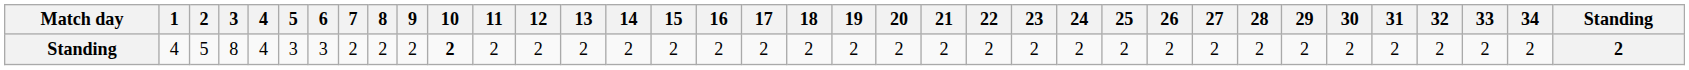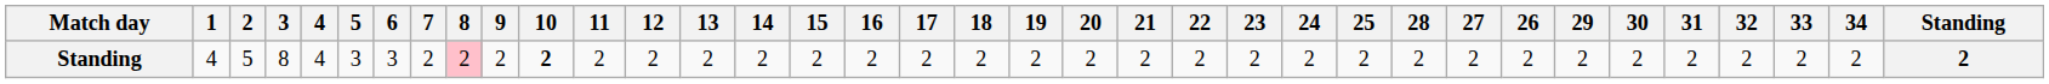 <table class="wikitable" style="width:100%; font-size:85%;">
 <tr valign=top>
 <th align=center>Match day</th>
 <th align=center>1</th>
 <th align=center>2</th>
 <th align=center>3</th>
 <th align=center>4</th>
 <th align=center>5</th>
 <th align=center>6</th>
 <th align=center>7</th>
 <th align=center>8</th>
 <th align=center>9</th>
 <th align=center>10</th>
 <th align=center>11</th>
 <th align=center>12</th>
 <th align=center>13</th>
 <th align=center>14</th>
 <th align=center>15</th>
 <th align=center>16</th>
 <th align=center>17</th>
 <th align=center>18</th>
 <th align=center>19</th>
 <th align=center>20</th>
 <th align=center>21</th>
 <th align=center>22</th>
 <th align=center>23</th>
 <th align=center>24</th>
 <th align=center>25</th>
+<th align=center>28</th>
+<th align=center>27</th>
 <th align=center>26</th>
-<th align=center>27</th>
-<th align=center>28</th>
 <th align=center>29</th>
 <th align=center>30</th>
 <th align=center>31</th>
 <th align=center>32</th>
 <th align=center>33</th>
 <th align=center>34</th>
 <th align=center>Standing</th>
 </tr>
 <tr>
 <th align=center>Standing</th>
 <td align=center>4</td>
 <td align=center>5</td>
 <td align=center>8</td>
 <td align=center>4</td>
 <td align=center>3</td>
 <td align=center>3</td>
 <td align=center>2</td>
-<td align=center>2</td>
+<td align=center style="background: pink;">2</td>
 <td align=center>2</td>
 <td align=center><strong>2</strong></td>
 <td align=center>2</td>
 <td align=center>2</td>
 <td align=center>2</td>
 <td align=center>2</td>
 <td align=center>2</td>
 <td align=center>2</td>
 <td align=center>2</td>
 <td align=center>2</td>
 <td align=center>2</td>
 <td align=center>2</td>
 <td align=center>2</td>
 <td align=center>2</td>
 <td align=center>2</td>
 <td align=center>2</td>
 <td align=center>2</td>
 <td align=center>2</td>
 <td align=center>2</td>
 <td align=center>2</td>
 <td align=center>2</td>
 <td align=center>2</td>
 <td align=center>2</td>
 <td align=center>2</td>
 <td align=center>2</td>
 <td align=center>2</td>
 <th align="center">2</th>
 </tr>
 </table>
